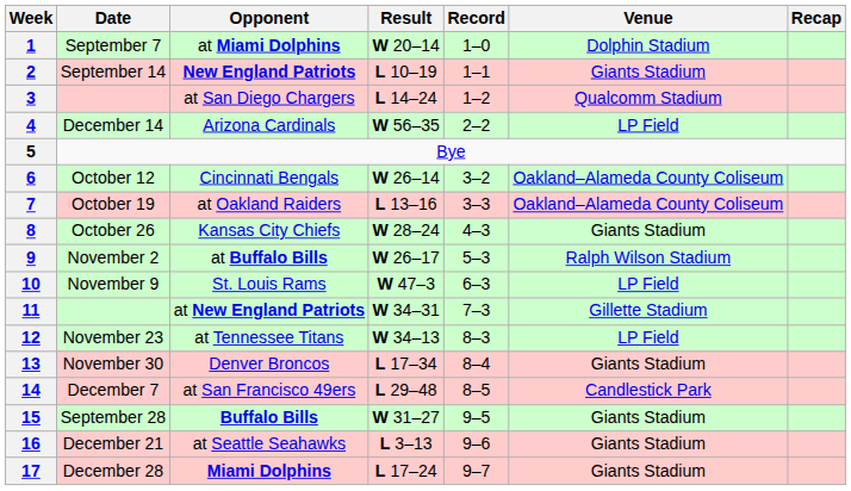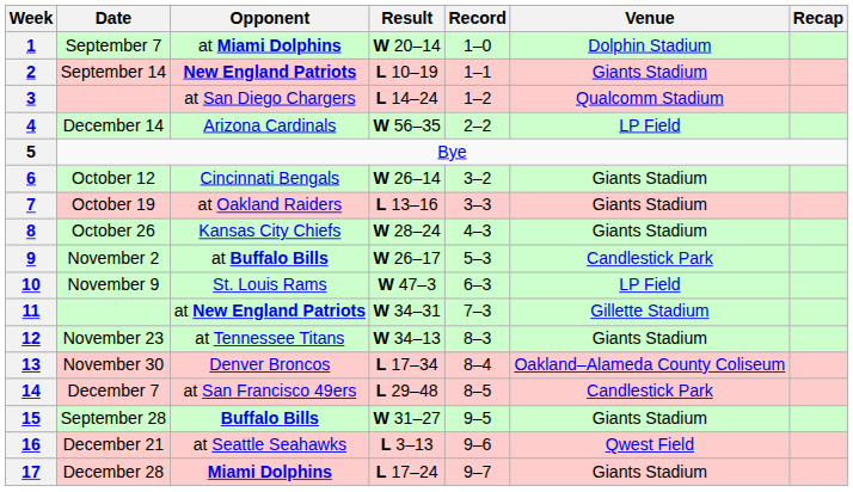 <table class="wikitable" style="text-align:center">
 <tr>
 <th>Week</th>
 <th>Date</th>
 <th>Opponent</th>
 <th>Result</th>
 <th>Record</th>
 <th>Venue</th>
 <th>Recap</th>
 </tr>
 <tr style="background:#cfc">
 <th><a href='#'>1</a></th>
 <td>September 7</td>
 <td>at <strong><a href='#'>Miami Dolphins</a></strong></td>
 <td><strong>W</strong> 20–14</td>
 <td>1–0</td>
 <td><a href='#'>Dolphin Stadium</a></td>
 <td></td>
 </tr>
 <tr style="background:#fcc">
 <th><a href='#'>2</a></th>
 <td>September 14</td>
 <td><strong><a href='#'>New England Patriots</a></strong></td>
 <td><strong>L</strong> 10–19</td>
 <td>1–1</td>
 <td><a href='#'>Giants Stadium</a></td>
 <td></td>
 </tr>
 <tr style="background:#fcc">
 <th><a href='#'>3</a></th>
 <td></td>
 <td>at <a href='#'>San Diego Chargers</a></td>
 <td><strong>L</strong> 14–24</td>
 <td>1–2</td>
 <td><a href='#'>Qualcomm Stadium</a></td>
 <td></td>
 </tr>
 <tr style="background:#cfc">
 <th><a href='#'>4</a></th>
 <td>December 14</td>
 <td><a href='#'>Arizona Cardinals</a></td>
 <td><strong>W</strong> 56–35</td>
 <td>2–2</td>
 <td><a href='#'>LP Field</a></td>
 <td></td>
 </tr>
 <tr>
 <th>5</th>
 <td colspan="6"><a href='#'>Bye</a></td>
 </tr>
 <tr style="background:#cfc">
 <th><a href='#'>6</a></th>
 <td>October 12</td>
 <td><a href='#'>Cincinnati Bengals</a></td>
 <td><strong>W</strong> 26–14</td>
 <td>3–2</td>
-<td><a href='#'>Oakland–Alameda County Coliseum</a></td>
+<td>Giants Stadium</td>
 <td></td>
 </tr>
 <tr style="background:#fcc">
 <th><a href='#'>7</a></th>
 <td>October 19</td>
 <td>at <a href='#'>Oakland Raiders</a></td>
 <td><strong>L</strong> 13–16 </td>
 <td>3–3</td>
-<td><a href='#'>Oakland–Alameda County Coliseum</a></td>
+<td>Giants Stadium</td>
 <td></td>
 </tr>
 <tr style="background:#cfc">
 <th><a href='#'>8</a></th>
 <td>October 26</td>
 <td><a href='#'>Kansas City Chiefs</a></td>
 <td><strong>W</strong> 28–24</td>
 <td>4–3</td>
 <td>Giants Stadium</td>
 <td></td>
 </tr>
 <tr style="background:#cfc">
 <th><a href='#'>9</a></th>
 <td>November 2</td>
 <td>at <strong><a href='#'>Buffalo Bills</a></strong></td>
 <td><strong>W</strong> 26–17</td>
 <td>5–3</td>
-<td><a href='#'>Ralph Wilson Stadium</a></td>
+<td><a href='#'>Candlestick Park</a></td>
 <td></td>
 </tr>
 <tr style="background:#cfc">
 <th><a href='#'>10</a></th>
 <td>November 9</td>
 <td><a href='#'>St. Louis Rams</a></td>
 <td><strong>W</strong> 47–3</td>
 <td>6–3</td>
 <td><a href='#'>LP Field</a></td>
 <td></td>
 </tr>
 <tr style="background:#cfc">
 <th><a href='#'>11</a></th>
 <td></td>
 <td>at <strong><a href='#'>New England Patriots</a></strong></td>
 <td><strong>W</strong> 34–31 </td>
 <td>7–3</td>
 <td><a href='#'>Gillette Stadium</a></td>
 <td></td>
 </tr>
 <tr style="background:#cfc">
 <th><a href='#'>12</a></th>
 <td>November 23</td>
 <td>at <a href='#'>Tennessee Titans</a></td>
 <td><strong>W</strong> 34–13</td>
 <td>8–3</td>
-<td><a href='#'>LP Field</a></td>
+<td>Giants Stadium</td>
 <td></td>
 </tr>
 <tr style="background:#fcc">
 <th><a href='#'>13</a></th>
 <td>November 30</td>
 <td><a href='#'>Denver Broncos</a></td>
 <td><strong>L</strong> 17–34</td>
 <td>8–4</td>
-<td>Giants Stadium</td>
+<td><a href='#'>Oakland–Alameda County Coliseum</a></td>
 <td></td>
 </tr>
 <tr style="background:#fcc">
 <th><a href='#'>14</a></th>
 <td>December 7</td>
 <td>at <a href='#'>San Francisco 49ers</a></td>
 <td><strong>L</strong> 29–48</td>
 <td>8–5</td>
 <td><a href='#'>Candlestick Park</a></td>
 <td></td>
 </tr>
 <tr style="background:#cfc">
 <th><a href='#'>15</a></th>
 <td>September 28</td>
 <td><strong><a href='#'>Buffalo Bills</a></strong></td>
 <td><strong>W</strong> 31–27</td>
 <td>9–5</td>
 <td>Giants Stadium</td>
 <td></td>
 </tr>
 <tr style="background:#fcc">
 <th><a href='#'>16</a></th>
 <td>December 21</td>
 <td>at <a href='#'>Seattle Seahawks</a></td>
 <td><strong>L</strong> 3–13</td>
 <td>9–6</td>
-<td>Giants Stadium</td>
+<td><a href='#'>Qwest Field</a></td>
 <td></td>
 </tr>
 <tr style="background:#fcc">
 <th><a href='#'>17</a></th>
 <td>December 28</td>
 <td><strong><a href='#'>Miami Dolphins</a></strong></td>
 <td><strong>L</strong> 17–24</td>
 <td>9–7</td>
 <td>Giants Stadium</td>
 <td></td>
 </tr>
 </table>
